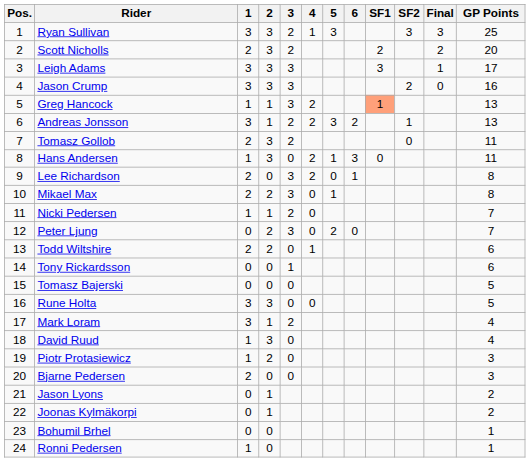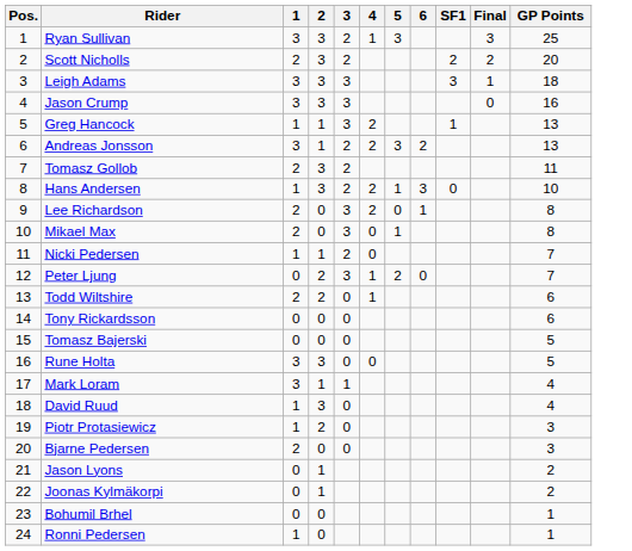 <table class=wikitable style="font-size:93%;">
 <tr>
 <th width=25px>Pos.</th>
 <th width=250px>Rider</th>
 <th width=20px>1</th>
 <th width=20px>2</th>
 <th width=20px>3</th>
 <th width=20px>4</th>
 <th width=20px>5</th>
 <th width=20px>6</th>
 <th width=30px>SF1</th>
-<th width=30px>SF2</th>
 <th width=30px>Final</th>
 <th width=80px>GP Points</th>
 </tr>
 <tr align=center style="background-color:">
 <td>1</td>
 <td align=left> <a href='#'>Ryan Sullivan</a></td>
 <td>3</td>
 <td>3</td>
 <td>2</td>
 <td>1</td>
 <td>3</td>
 <td></td>
 <td></td>
 <td>3</td>
-<td>3</td>
 <td>25</td>
 </tr>
 <tr align=center style="background-color:">
 <td>2</td>
 <td align=left> <a href='#'>Scott Nicholls</a></td>
 <td>2</td>
 <td>3</td>
 <td>2</td>
 <td></td>
 <td></td>
 <td></td>
 <td> 2</td>
-<td></td>
 <td>2</td>
 <td>20</td>
 </tr>
 <tr align=center style="background-color:">
 <td>3</td>
 <td align=left> <a href='#'>Leigh Adams</a></td>
 <td>3</td>
 <td>3</td>
 <td>3</td>
 <td></td>
 <td></td>
 <td></td>
 <td>3</td>
-<td></td>
 <td>1</td>
-<td>17</td>
+<td>18</td>
 </tr>
 <tr align=center>
 <td>4</td>
 <td align=left> <a href='#'>Jason Crump</a></td>
 <td>3</td>
 <td>3</td>
 <td>3</td>
 <td></td>
 <td></td>
 <td></td>
 <td></td>
-<td>2</td>
 <td>0</td>
 <td>16</td>
 </tr>
 <tr align=center>
 <td>5</td>
 <td align=left> <a href='#'>Greg Hancock</a></td>
 <td>1</td>
 <td>1</td>
 <td>3</td>
 <td>2</td>
 <td></td>
 <td></td>
-<td style="background: lightsalmon;">1</td>
-<td></td>
+<td>1</td>
 <td></td>
 <td>13</td>
 </tr>
 <tr align=center>
 <td>6</td>
 <td align=left> <a href='#'>Andreas Jonsson</a></td>
 <td>3</td>
 <td>1</td>
 <td>2</td>
 <td>2</td>
 <td>3</td>
 <td>2</td>
 <td></td>
-<td>1</td>
 <td></td>
 <td>13</td>
 </tr>
 <tr align=center>
 <td>7</td>
 <td align=left> <a href='#'>Tomasz Gollob</a></td>
 <td>2</td>
 <td>3</td>
 <td>2</td>
 <td></td>
 <td></td>
 <td></td>
 <td></td>
-<td>0</td>
 <td></td>
 <td>11</td>
 </tr>
 <tr align=center>
 <td>8</td>
 <td align=left> <a href='#'>Hans Andersen</a></td>
 <td>1</td>
 <td>3</td>
-<td>0</td>
+<td>2</td>
 <td>2</td>
 <td>1</td>
 <td>3</td>
 <td>0</td>
 <td></td>
-<td></td>
-<td>11</td>
+<td>10</td>
 </tr>
 <tr align=center>
 <td>9</td>
 <td align=left> <a href='#'>Lee Richardson</a></td>
 <td>2</td>
 <td>0</td>
 <td>3</td>
 <td>2</td>
 <td>0</td>
 <td>1</td>
 <td></td>
 <td></td>
-<td></td>
 <td>8</td>
 </tr>
 <tr align=center>
 <td>10</td>
 <td align=left> <a href='#'>Mikael Max</a></td>
 <td>2</td>
-<td>2</td>
+<td>0</td>
 <td>3</td>
 <td>0</td>
 <td>1</td>
-<td></td>
 <td></td>
 <td></td>
 <td></td>
 <td>8</td>
 </tr>
 <tr align=center>
 <td>11</td>
 <td align=left> <a href='#'>Nicki Pedersen</a></td>
 <td>1</td>
 <td>1</td>
 <td>2</td>
 <td>0</td>
 <td></td>
 <td></td>
 <td></td>
 <td></td>
-<td></td>
 <td>7</td>
 </tr>
 <tr align=center>
 <td>12</td>
 <td align=left> <a href='#'>Peter Ljung</a></td>
 <td>0</td>
 <td>2</td>
 <td>3</td>
-<td>0</td>
+<td>1</td>
 <td>2</td>
 <td>0</td>
-<td></td>
 <td></td>
 <td></td>
 <td>7</td>
 </tr>
 <tr align=center>
 <td>13</td>
 <td align=left> <a href='#'>Todd Wiltshire</a></td>
 <td>2</td>
 <td>2</td>
 <td>0</td>
 <td>1</td>
 <td></td>
 <td></td>
 <td></td>
 <td></td>
-<td></td>
 <td>6</td>
 </tr>
 <tr align=center>
 <td>14</td>
 <td align=left> <a href='#'>Tony Rickardsson</a></td>
 <td>0</td>
 <td>0</td>
-<td>1</td>
-<td></td>
+<td>0</td>
 <td></td>
 <td></td>
 <td></td>
 <td></td>
 <td></td>
 <td>6</td>
 </tr>
 <tr align=center>
 <td>15</td>
 <td align=left> <a href='#'>Tomasz Bajerski</a></td>
 <td>0</td>
 <td>0</td>
 <td>0</td>
 <td></td>
 <td></td>
 <td></td>
 <td></td>
 <td></td>
-<td></td>
 <td>5</td>
 </tr>
 <tr align=center>
 <td>16</td>
 <td align=left> <a href='#'>Rune Holta</a></td>
 <td>3</td>
 <td>3</td>
 <td>0</td>
 <td>0</td>
 <td></td>
 <td></td>
 <td></td>
 <td></td>
-<td></td>
 <td>5</td>
 </tr>
 <tr align=center>
 <td>17</td>
 <td align=left> <a href='#'>Mark Loram</a></td>
 <td>3</td>
 <td>1</td>
-<td>2</td>
-<td></td>
+<td>1</td>
 <td></td>
 <td></td>
 <td></td>
 <td></td>
 <td></td>
 <td>4</td>
 </tr>
 <tr align=center>
 <td>18</td>
 <td align=left> <a href='#'>David Ruud</a></td>
 <td>1</td>
 <td>3</td>
 <td>0</td>
 <td></td>
 <td></td>
 <td></td>
 <td></td>
 <td></td>
-<td></td>
 <td>4</td>
 </tr>
 <tr align=center>
 <td>19</td>
 <td align=left> <a href='#'>Piotr Protasiewicz</a></td>
 <td>1</td>
 <td>2</td>
 <td>0</td>
-<td></td>
 <td></td>
 <td></td>
 <td></td>
 <td></td>
 <td></td>
 <td>3</td>
 </tr>
 <tr align=center>
 <td>20</td>
 <td align=left> <a href='#'>Bjarne Pedersen</a></td>
 <td>2</td>
 <td>0</td>
 <td>0</td>
 <td></td>
 <td></td>
 <td></td>
 <td></td>
 <td></td>
-<td></td>
 <td>3</td>
 </tr>
 <tr align=center>
 <td>21</td>
 <td align=left> <a href='#'>Jason Lyons</a></td>
 <td>0</td>
 <td>1</td>
-<td></td>
 <td></td>
 <td></td>
 <td></td>
 <td></td>
 <td></td>
 <td></td>
 <td>2</td>
 </tr>
 <tr align=center>
 <td>22</td>
 <td align=left> <a href='#'>Joonas Kylmäkorpi</a></td>
 <td>0</td>
 <td>1</td>
 <td></td>
 <td></td>
 <td></td>
 <td></td>
 <td></td>
 <td></td>
-<td></td>
 <td>2</td>
 </tr>
 <tr align=center>
 <td>23</td>
 <td align=left> <a href='#'>Bohumil Brhel</a></td>
 <td>0</td>
 <td>0</td>
-<td></td>
 <td></td>
 <td></td>
 <td></td>
 <td></td>
 <td></td>
 <td></td>
 <td>1</td>
 </tr>
 <tr align=center>
 <td>24</td>
 <td align=left> <a href='#'>Ronni Pedersen</a></td>
 <td>1</td>
 <td>0</td>
 <td></td>
 <td></td>
 <td></td>
 <td></td>
 <td></td>
 <td></td>
-<td></td>
 <td>1</td>
 </tr>
 </table>
